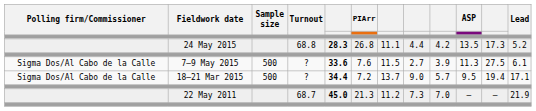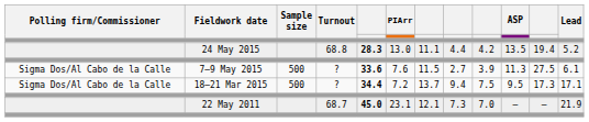 <table class="wikitable collapsible collapsed" style="text-align:center; font-size:95%; line-height:16px;">
 <tr style="height:42px;">
 <th style="width:250px;" rowspan="2">Polling firm/Commissioner</th>
 <th style="width:125px;" rowspan="2">Fieldwork date</th>
 <th style="width:50px;" rowspan="2">Sample size</th>
 <th style="width:45px;" rowspan="2">Turnout</th>
 <th style="width:35px;"></th>
 <th style="width:35px; font-size:95%;">PIArr</th>
 <th style="width:35px;"></th>
 <th style="width:35px;"></th>
 <th style="width:35px;"></th>
 <th style="width:35px;">ASP</th>
 <th style="width:35px;"></th>
 <th style="width:30px;" rowspan="2">Lead</th>
 </tr>
 <tr>
 <th style="color:inherit;background:"></th>
 <th style="color:inherit;background:#EB6F0F;"></th>
 <th style="color:inherit;background:"></th>
 <th style="color:inherit;background:"></th>
 <th style="color:inherit;background:"></th>
 <th style="color:inherit;background:#7A097D;"></th>
 <th style="color:inherit;background:"></th>
 </tr>
 <tr>
 <td colspan="12" style="background:#A0A0A0"></td>
 </tr>
 <tr style="background:#EFEFEF;">
 <td><strong></strong></td>
 <td>24 May 2015</td>
 <td></td>
 <td>68.8</td>
 <td><strong>28.3</strong><br></td>
-<td>26.8<br></td>
+<td>13.0<br></td>
 <td>11.1<br></td>
 <td>4.4<br></td>
 <td>4.2<br></td>
 <td>13.5<br></td>
-<td>17.3<br></td>
+<td>19.4<br></td>
 <td style="background:">5.2</td>
 </tr>
 <tr>
 <td colspan="12" style="background:#A0A0A0"></td>
 </tr>
 <tr>
 <td>Sigma Dos/Al Cabo de la Calle</td>
 <td>7–9 May 2015</td>
 <td>500</td>
 <td>?</td>
 <td><strong>33.6</strong><br></td>
 <td>7.6<br></td>
 <td>11.5<br></td>
 <td>2.7<br></td>
 <td>3.9<br></td>
 <td>11.3<br></td>
 <td>27.5<br></td>
 <td style="background:">6.1</td>
 </tr>
 <tr>
 <td>Sigma Dos/Al Cabo de la Calle</td>
 <td>18–21 Mar 2015</td>
 <td>500</td>
 <td>?</td>
 <td><strong>34.4</strong><br></td>
 <td>7.2<br></td>
 <td>13.7<br></td>
-<td>9.0<br></td>
-<td>5.7<br></td>
+<td>9.4<br></td>
+<td>7.5<br></td>
 <td>9.5<br></td>
-<td>19.4<br></td>
+<td>17.3<br></td>
 <td style="background:">17.1</td>
 </tr>
 <tr>
 <td colspan="12" style="background:#A0A0A0"></td>
 </tr>
 <tr style="background:#EFEFEF;">
 <td><strong></strong></td>
 <td>22 May 2011</td>
 <td></td>
 <td>68.7</td>
 <td><strong>45.0</strong><br></td>
-<td>21.3<br></td>
-<td>11.2<br></td>
+<td>23.1<br></td>
+<td>12.1<br></td>
 <td>7.3<br></td>
 <td>7.0<br></td>
 <td>–</td>
 <td>–</td>
 <td style="background:">21.9</td>
 </tr>
 <tr>
 <td colspan="12" style="background:#A0A0A0"></td>
 </tr>
 </table>
